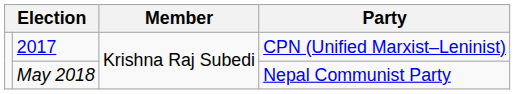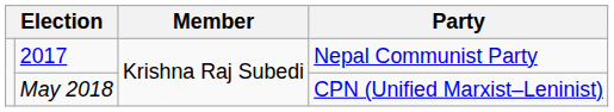 <table class="wikitable">
 <tr>
 <th colspan="2">Election</th>
 <th>Member</th>
 <th>Party</th>
 </tr>
 <tr>
 <td rowspan="2" style="background-color:"></td>
 <td><a href='#'>2017</a></td>
 <td rowspan="2">Krishna Raj Subedi</td>
-<td><a href='#'>CPN (Unified Marxist–Leninist)</a></td>
+<td><a href='#'>Nepal Communist Party</a></td>
 </tr>
 <tr>
 <td><em>May 2018</em></td>
-<td><a href='#'>Nepal Communist Party</a></td>
+<td><a href='#'>CPN (Unified Marxist–Leninist)</a></td>
 </tr>
 </table>
